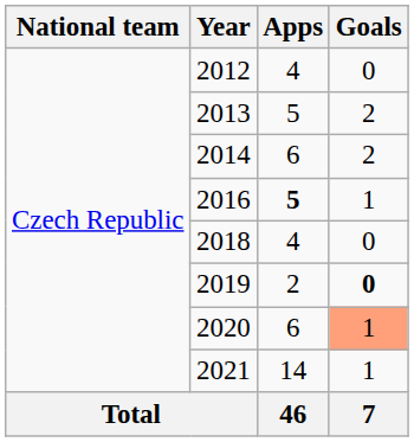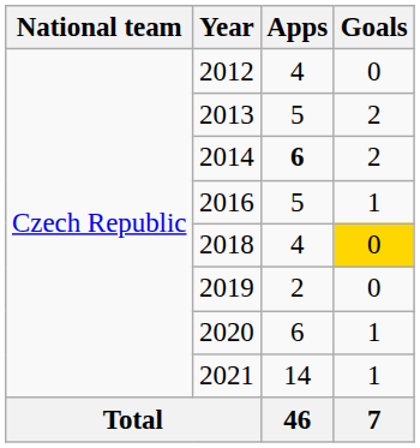 <table class="wikitable" style="text-align: center;">
 <tr>
 <th>National team</th>
 <th>Year</th>
 <th>Apps</th>
 <th>Goals</th>
 </tr>
 <tr>
 <td rowspan="8"><a href='#'>Czech Republic</a></td>
 <td>2012</td>
 <td>4</td>
 <td>0</td>
 </tr>
 <tr>
 <td>2013</td>
 <td>5</td>
 <td>2</td>
 </tr>
 <tr>
 <td>2014</td>
-<td>6</td>
+<td><strong>6</strong></td>
 <td>2</td>
 </tr>
 <tr>
 <td>2016</td>
-<td><strong>5</strong></td>
+<td>5</td>
 <td>1</td>
 </tr>
 <tr>
 <td>2018</td>
 <td>4</td>
-<td>0</td>
+<td style="background: gold;">0</td>
 </tr>
 <tr>
 <td>2019</td>
 <td>2</td>
-<td><strong>0</strong></td>
+<td>0</td>
 </tr>
 <tr>
 <td>2020</td>
 <td>6</td>
-<td style="background: lightsalmon;">1</td>
+<td>1</td>
 </tr>
 <tr>
 <td>2021</td>
 <td>14</td>
 <td>1</td>
 </tr>
 <tr>
 <th colspan="2">Total</th>
 <th>46</th>
 <th>7</th>
 </tr>
 </table>
